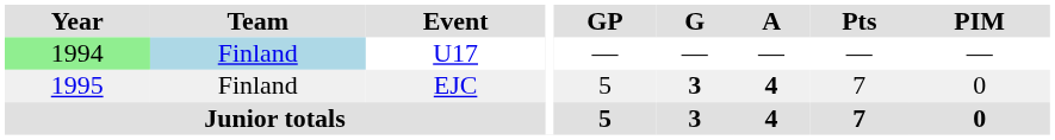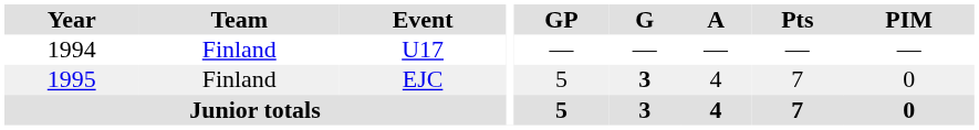 <table border="0" cellpadding="1" cellspacing="0" ID="Table3" style="text-align:center; width:40em">
 <tr ALIGN="center" bgcolor="#e0e0e0">
 <th>Year</th>
 <th>Team</th>
 <th>Event</th>
 <th rowspan="99" bgcolor="#ffffff"></th>
 <th>GP</th>
 <th>G</th>
 <th>A</th>
 <th>Pts</th>
 <th>PIM</th>
 </tr>
 <tr>
-<td style="background: lightgreen;">1994</td>
-<td style="background: lightblue;"><a href='#'>Finland</a></td>
+<td>1994</td>
+<td><a href='#'>Finland</a></td>
 <td><a href='#'>U17</a></td>
 <td>—</td>
 <td>—</td>
 <td>—</td>
 <td>—</td>
 <td>—</td>
 </tr>
 <tr bgcolor="#f0f0f0">
 <td><a href='#'>1995</a></td>
 <td>Finland</td>
 <td><a href='#'>EJC</a></td>
 <td>5</td>
 <td><strong>3</strong></td>
-<td><strong>4</strong></td>
+<td>4</td>
 <td>7</td>
 <td>0</td>
 </tr>
 <tr bgcolor="#e0e0e0">
 <th colspan="3">Junior totals</th>
 <th>5</th>
 <th>3</th>
 <th>4</th>
 <th>7</th>
 <th>0</th>
 </tr>
 </table>
